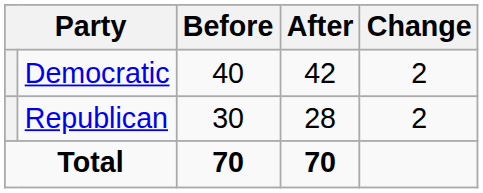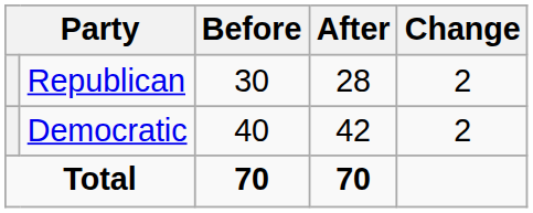 <table class="wikitable" style="text-align:center;">
 <tr>
 <th colspan="2">Party</th>
 <th>Before</th>
 <th>After</th>
 <th>Change</th>
 </tr>
 <tr>
 <th style="background-color:"></th>
-<td style="text-align:left;"><a href='#'>Democratic</a></td>
-<td>40</td>
-<td>42</td>
+<td style="text-align:left;"><a href='#'>Republican</a></td>
+<td>30</td>
+<td>28</td>
 <td> 2</td>
 </tr>
 <tr>
 <th style="background-color:"></th>
-<td style="text-align:left;"><a href='#'>Republican</a></td>
-<td>30</td>
-<td>28</td>
+<td style="text-align:left;"><a href='#'>Democratic</a></td>
+<td>40</td>
+<td>42</td>
 <td> 2</td>
 </tr>
 <tr>
 <td colspan="2"><strong>Total</strong></td>
 <td><strong>70</strong></td>
 <td><strong>70</strong></td>
 <td></td>
 </tr>
 </table>
